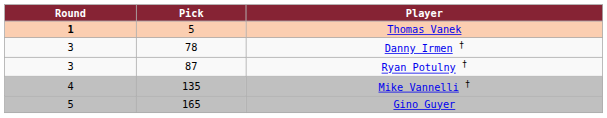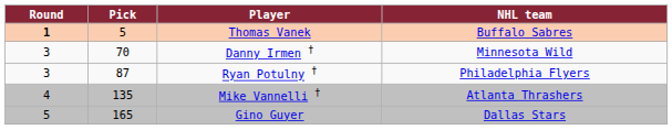 <table class="wikitable" width="60%">
 <tr>
 <th style="color:white; background:#862334; ">Round</th>
 <th style="color:white; background:#862334; ">Pick</th>
 <th style="color:white; background:#862334; ">Player</th>
+<th style="color:white; background:#862334; ">NHL team</th>
 </tr>
 <tr align="center" bgcolor="FBCEB1">
 <td><strong>1</strong></td>
 <td>5</td>
 <td><a href='#'>Thomas Vanek</a></td>
+<td><a href='#'>Buffalo Sabres</a></td>
 </tr>
 <tr align="center" bgcolor="">
 <td>3</td>
-<td>78</td>
+<td>70</td>
 <td><a href='#'>Danny Irmen</a> <sup>†</sup></td>
+<td><a href='#'>Minnesota Wild</a></td>
 </tr>
 <tr align="center" bgcolor="">
 <td>3</td>
 <td>87</td>
 <td><a href='#'>Ryan Potulny</a> <sup>†</sup></td>
+<td><a href='#'>Philadelphia Flyers</a></td>
 </tr>
 <tr align="center" bgcolor="C0C0C0">
 <td>4</td>
 <td>135</td>
 <td><a href='#'>Mike Vannelli</a> <sup>†</sup></td>
+<td><a href='#'>Atlanta Thrashers</a></td>
 </tr>
 <tr align="center" bgcolor="C0C0C0">
 <td>5</td>
 <td>165</td>
 <td><a href='#'>Gino Guyer</a></td>
+<td><a href='#'>Dallas Stars</a></td>
 </tr>
 </table>
